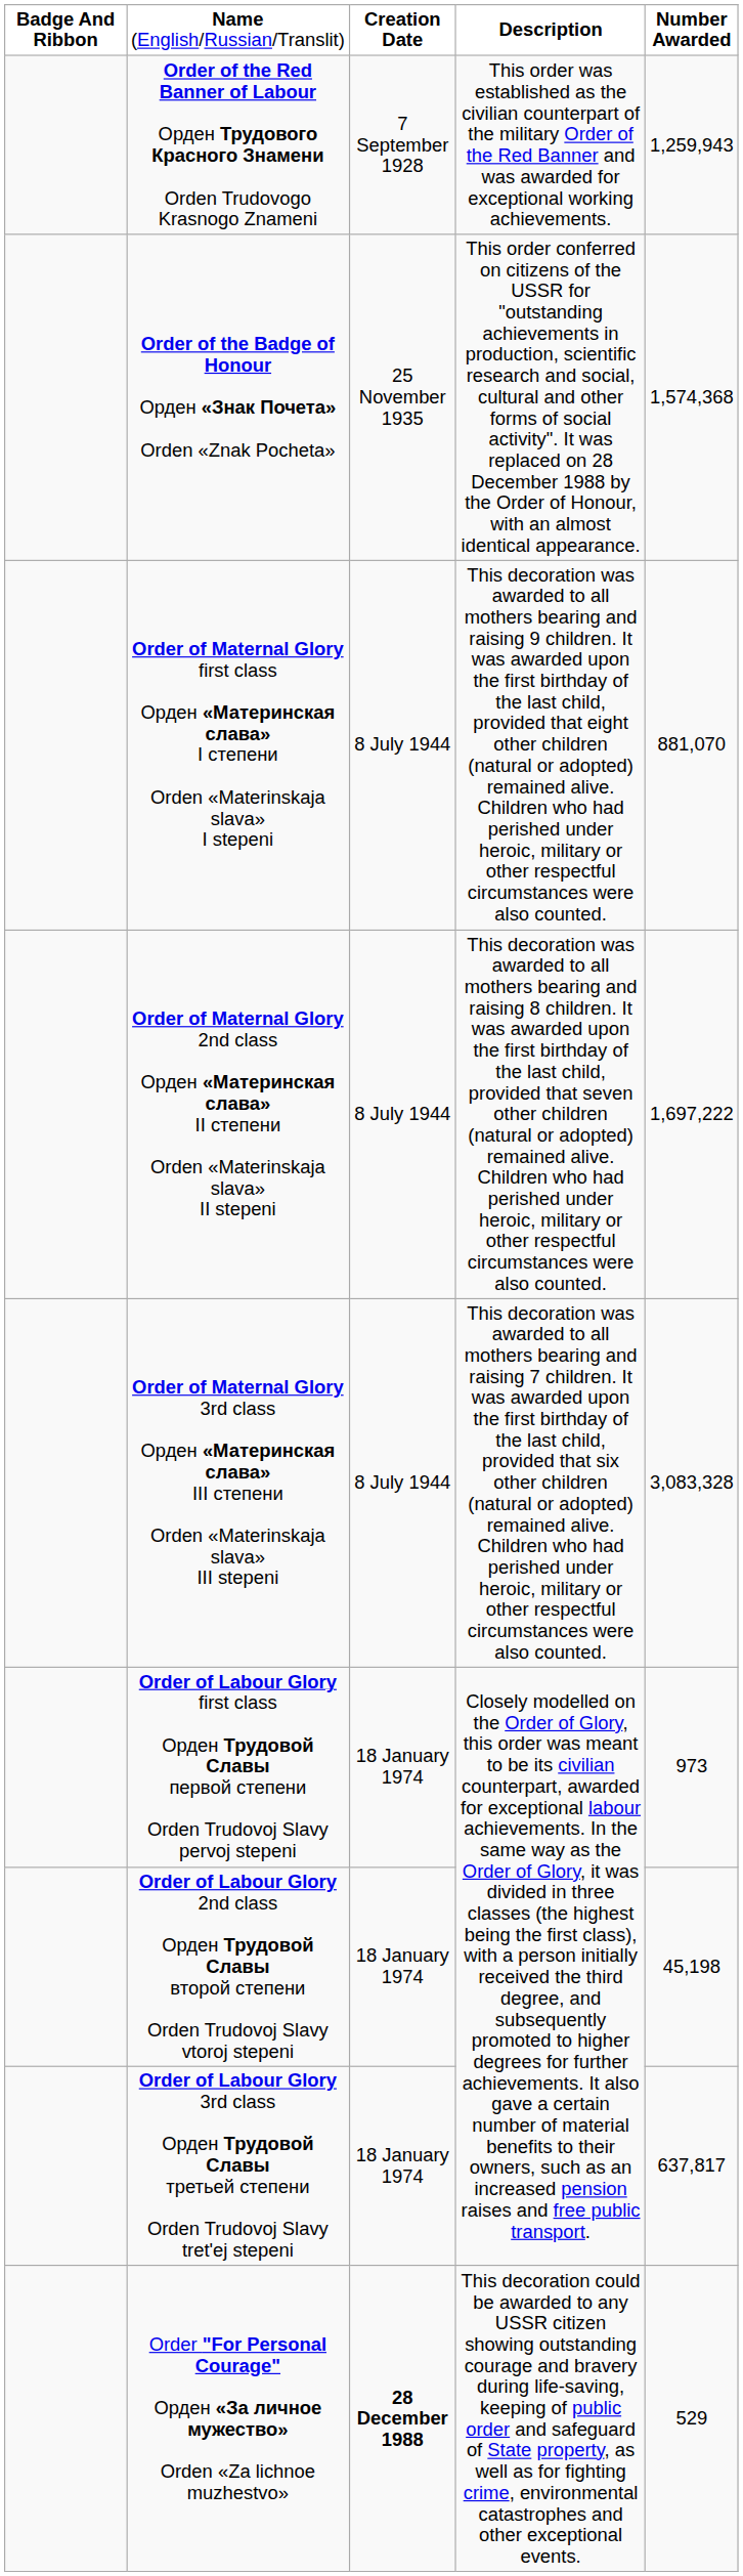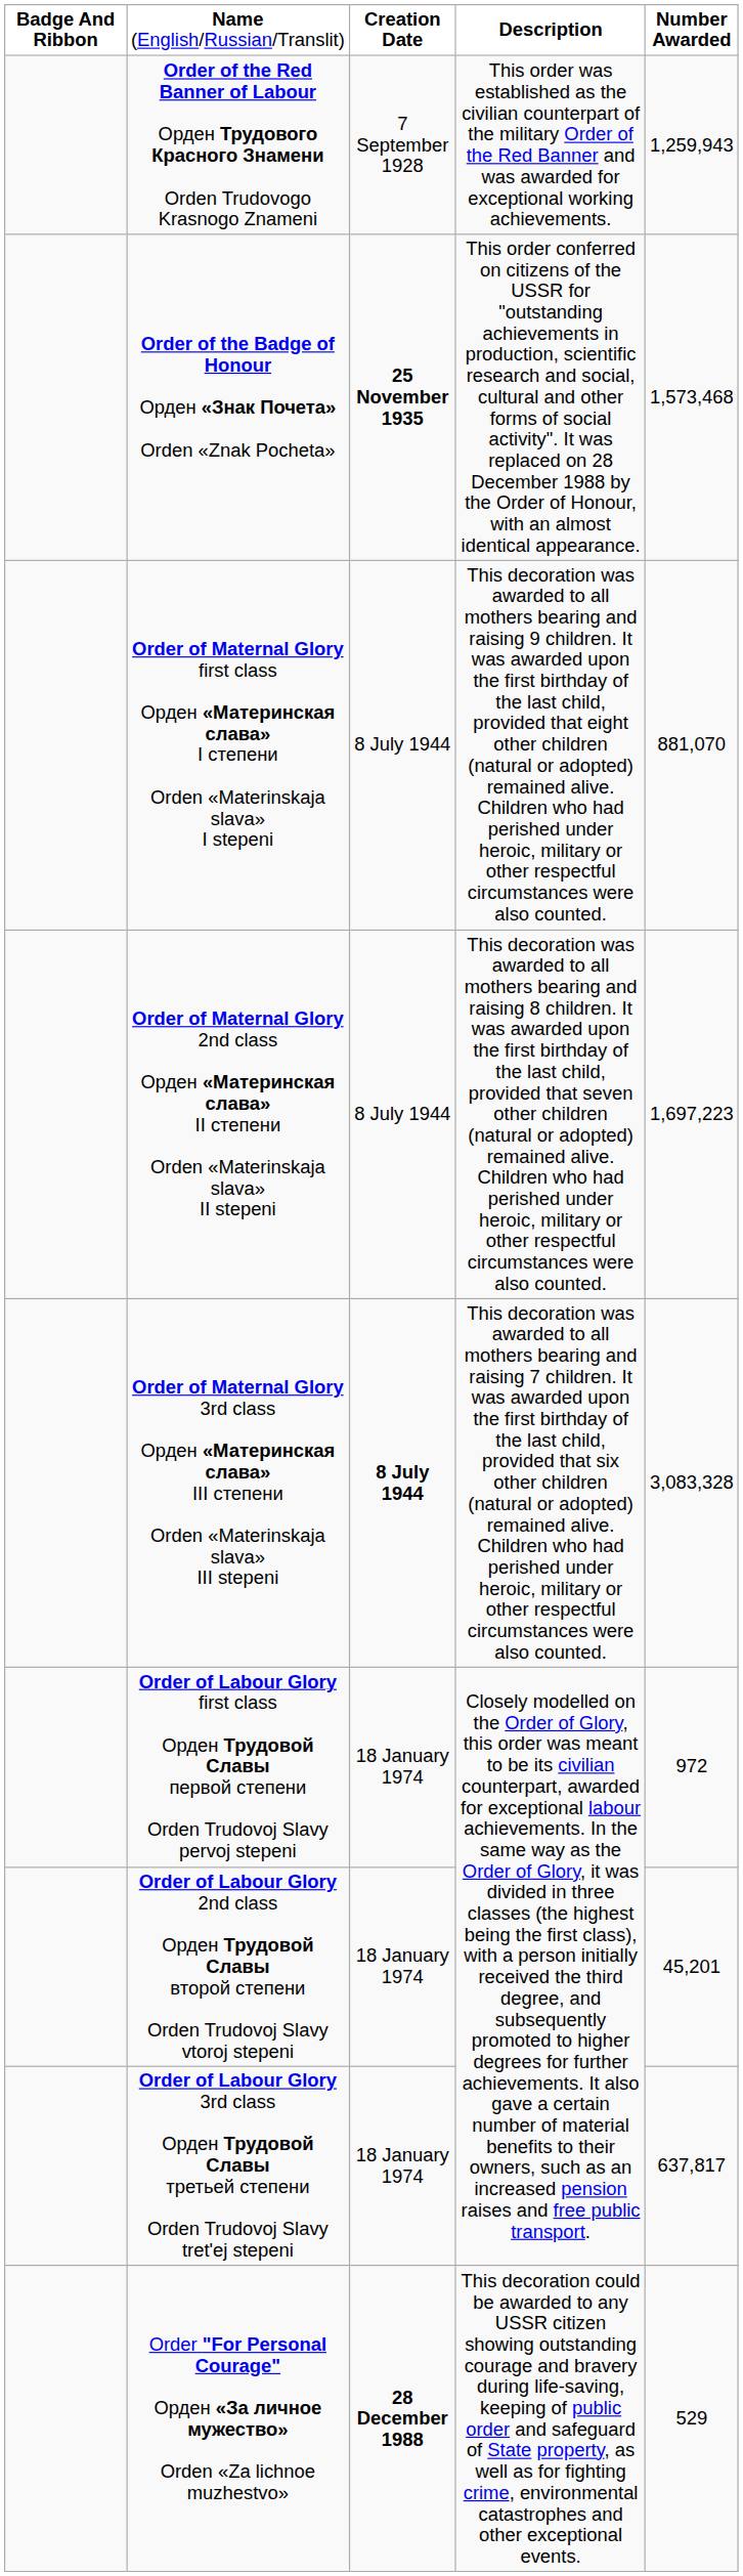 <table class="wikitable" width="100%" style="text-align:center;">
 <tr>
 <td width="20%" bgcolor="#FFFFFF"><strong>Badge And Ribbon</strong></td>
 <td width="25%" bgcolor="#FFFFFF"><strong>Name</strong> (<a href='#'>English</a>/<a href='#'>Russian</a>/Translit)</td>
 <td width="15%" bgcolor="#FFFFFF"><strong>Creation Date</strong></td>
 <td width="30%" bgcolor="#FFFFFF"><strong>Description</strong></td>
 <td width="10%" bgcolor="#FFFFFF"><strong>Number Awarded</strong></td>
 </tr>
 <tr>
 <td><br><br><br></td>
 <td><strong><a href='#'>Order of the Red Banner of Labour</a></strong><br><br>Орден <strong>Трудового Красного Знамени</strong><br><br>Orden Trudovogo Krasnogo Znameni</td>
 <td>7 September 1928</td>
 <td>This order was established as the civilian counterpart of the military <a href='#'>Order of the Red Banner</a> and was awarded for exceptional working achievements.</td>
 <td>1,259,943</td>
 </tr>
 <tr>
 <td><br><br></td>
 <td><strong><a href='#'>Order of the Badge of Honour</a></strong><br><br>Орден <strong>«Знак Почета»</strong><br><br>Orden «Znak Pocheta»</td>
-<td>25 November 1935</td>
+<td><strong>25 November 1935</strong></td>
 <td>This order conferred on citizens of the USSR for "outstanding achievements in production, scientific research and social, cultural and other forms of social activity". It was replaced on 28 December 1988 by the Order of Honour, with an almost identical appearance.</td>
-<td>1,574,368</td>
+<td>1,573,468</td>
 </tr>
 <tr>
 <td></td>
 <td><strong><a href='#'>Order of Maternal Glory</a></strong><br>first class<br><br>Орден <strong>«Материнская слава»</strong><br>I степени<br><br>Orden «Materinskaja slava»<br>I stepeni</td>
 <td>8 July 1944</td>
 <td>This decoration was awarded to all mothers bearing and raising 9 children. It was awarded upon the first birthday of the last child, provided that eight other children (natural or adopted) remained alive. Children who had perished under heroic, military or other respectful circumstances were also counted.</td>
 <td>881,070</td>
 </tr>
 <tr>
 <td></td>
 <td><strong><a href='#'>Order of Maternal Glory</a></strong><br>2nd class<br><br>Орден <strong>«Материнская слава»</strong><br>II степени<br><br>Orden «Materinskaja slava»<br>II stepeni</td>
 <td>8 July 1944</td>
 <td>This decoration was awarded to all mothers bearing and raising 8 children. It was awarded upon the first birthday of the last child, provided that seven other children (natural or adopted) remained alive. Children who had perished under heroic, military or other respectful circumstances were also counted.</td>
-<td>1,697,222</td>
+<td>1,697,223</td>
 </tr>
 <tr>
 <td></td>
 <td><strong><a href='#'>Order of Maternal Glory</a></strong><br>3rd class<br><br>Орден <strong>«Материнская слава»</strong><br>III степени<br><br>Orden «Materinskaja slava»<br>III stepeni</td>
-<td>8 July 1944</td>
+<td><strong>8 July 1944</strong></td>
 <td>This decoration was awarded to all mothers bearing and raising 7 children. It was awarded upon the first birthday of the last child, provided that six other children (natural or adopted) remained alive. Children who had perished under heroic, military or other respectful circumstances were also counted.</td>
 <td>3,083,328</td>
 </tr>
 <tr>
 <td><br></td>
 <td><strong><a href='#'>Order of Labour Glory</a></strong><br>first class<br><br>Орден <strong>Трудовой Славы</strong><br>первой степени<br><br>Orden Trudovoj Slavy<br>pervoj stepeni</td>
 <td>18 January 1974</td>
 <td rowspan="3">Closely modelled on the <a href='#'>Order of Glory</a>, this order was meant to be its <a href='#'>civilian</a> counterpart, awarded for exceptional <a href='#'>labour</a> achievements. In the same way as the <a href='#'>Order of Glory</a>, it was divided in three classes (the highest being the first class), with a person initially received the third degree, and subsequently promoted to higher degrees for further achievements. It also gave a certain number of material benefits to their owners, such as an increased <a href='#'>pension</a> raises and <a href='#'>free public transport</a>.</td>
-<td>973</td>
+<td>972</td>
 </tr>
 <tr>
 <td><br></td>
 <td><strong><a href='#'>Order of Labour Glory</a></strong><br>2nd class<br><br>Орден <strong>Трудовой Славы</strong><br>второй степени<br><br>Orden Trudovoj Slavy<br>vtoroj stepeni</td>
 <td>18 January 1974</td>
-<td>45,198</td>
+<td>45,201</td>
 </tr>
 <tr>
 <td><br><br></td>
 <td><strong><a href='#'>Order of Labour Glory</a></strong><br>3rd class<br><br>Орден <strong>Трудовой Славы</strong><br>третьей степени<br><br>Orden Trudovoj Slavy<br>tret'ej stepeni</td>
 <td>18 January 1974</td>
 <td>637,817</td>
 </tr>
 <tr>
 <td><br></td>
 <td><a href='#'>Order <strong>"For Personal Courage"</strong></a><br><br>Орден <strong>«За личное мужество»</strong><br><br>Orden «Za lichnoe muzhestvo»</td>
 <td><strong>28 December 1988</strong></td>
 <td>This decoration could be awarded to any USSR citizen showing outstanding courage and bravery during life-saving, keeping of <a href='#'>public order</a> and safeguard of <a href='#'>State</a> <a href='#'>property</a>, as well as for fighting <a href='#'>crime</a>, environmental catastrophes and other exceptional events.</td>
 <td>529</td>
 </tr>
 </table>
